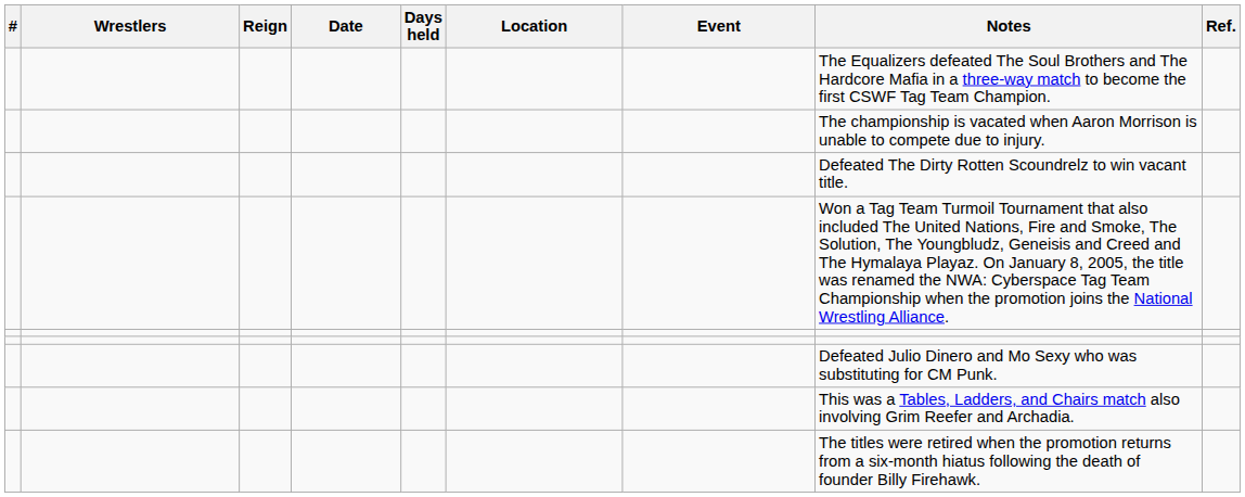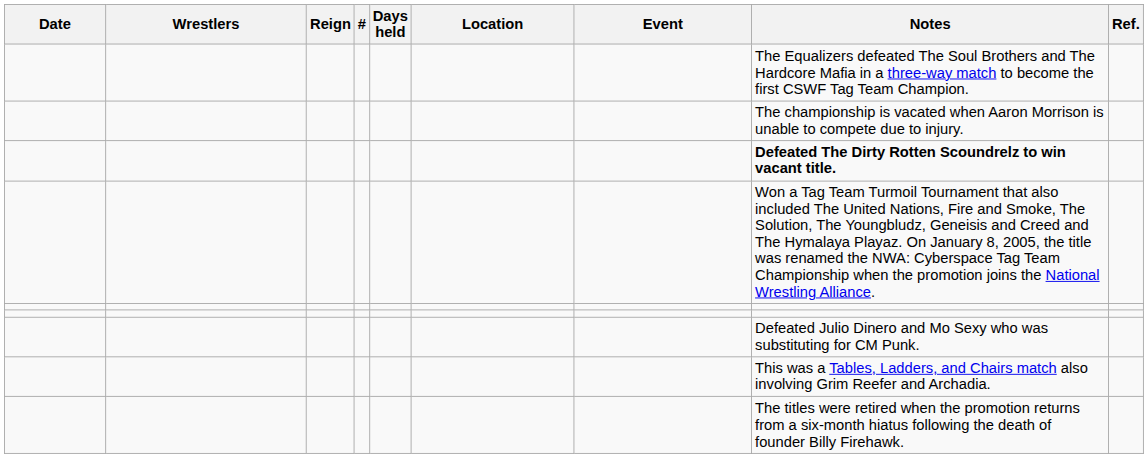 <table class="wikitable sortable" width=98% style="text-align:center;">
 <tr>
-<th width=0%>#</th>
+<th width=10%>Date</th>
 <th width=20%>Wrestlers</th>
 <th width=0%>Reign</th>
-<th width=10%>Date</th>
+<th width=0%>#</th>
 <th width=0%>Days<br>held</th>
 <th width=16%>Location</th>
 <th width=18%>Event</th>
 <th width=60% class="unsortable">Notes</th>
 <th width=0% class="unsortable">Ref.</th>
 </tr>
 <tr>
 <td></td>
 <td></td>
 <td></td>
 <td></td>
 <td></td>
 <td></td>
 <td></td>
 <td align="left">The Equalizers defeated The Soul Brothers and The Hardcore Mafia in a <a href='#'>three-way match</a> to become the first CSWF Tag Team Champion.</td>
 <td align="left"></td>
 </tr>
 <tr>
 <td></td>
 <td></td>
 <td></td>
 <td></td>
 <td></td>
 <td></td>
 <td></td>
 <td align="left">The championship is vacated when Aaron Morrison is unable to compete due to injury.</td>
 <td align="left"></td>
 </tr>
 <tr>
 <td></td>
 <td></td>
 <td></td>
 <td></td>
 <td></td>
 <td></td>
 <td></td>
-<td align="left">Defeated The Dirty Rotten Scoundrelz to win vacant title.</td>
+<td align="left"><strong>Defeated The Dirty Rotten Scoundrelz to win vacant title.</strong></td>
 <td align="left"></td>
 </tr>
 <tr>
 <td></td>
 <td></td>
 <td></td>
 <td></td>
 <td></td>
 <td></td>
 <td></td>
 <td align="left">Won a Tag Team Turmoil Tournament that also included The United Nations, Fire and Smoke, The Solution, The Youngbludz, Geneisis and Creed and The Hymalaya Playaz. On January 8, 2005, the title was renamed the NWA: Cyberspace Tag Team Championship when the promotion joins the <a href='#'>National Wrestling Alliance</a>.</td>
 <td align="left"></td>
 </tr>
 <tr>
 <td></td>
 <td></td>
 <td></td>
 <td></td>
 <td></td>
 <td></td>
 <td></td>
 <td align="left"></td>
 <td align="left"></td>
 </tr>
 <tr>
 <td></td>
 <td></td>
 <td></td>
 <td></td>
 <td></td>
 <td></td>
 <td></td>
 <td align="left"></td>
 <td align="left"></td>
 </tr>
 <tr>
 <td></td>
 <td></td>
 <td></td>
 <td></td>
 <td></td>
 <td></td>
 <td></td>
 <td align="left">Defeated Julio Dinero and Mo Sexy who was substituting for CM Punk.</td>
 <td align="left"></td>
 </tr>
 <tr>
 <td></td>
 <td></td>
 <td></td>
 <td></td>
 <td></td>
 <td></td>
 <td></td>
 <td align="left">This was a <a href='#'>Tables, Ladders, and Chairs match</a> also involving Grim Reefer and Archadia.</td>
 <td align="left"></td>
 </tr>
 <tr>
 <td></td>
 <td></td>
 <td></td>
 <td></td>
 <td></td>
 <td></td>
 <td></td>
 <td align="left">The titles were retired when the promotion returns from a six-month hiatus following the death of founder Billy Firehawk.</td>
 <td align="left"></td>
 </tr>
 </table>
